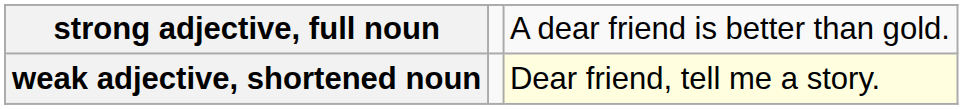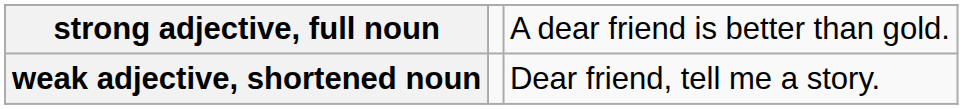 <table class="wikitable">
 <tr>
 <th>strong adjective, full noun</th>
 <td></td>
 <td>A dear friend is better than gold.</td>
 </tr>
 <tr>
 <th>weak adjective, shortened noun</th>
 <td></td>
-<td style="background: lightyellow;">Dear friend, tell me a story.</td>
+<td>Dear friend, tell me a story.</td>
 </tr>
 </table>
